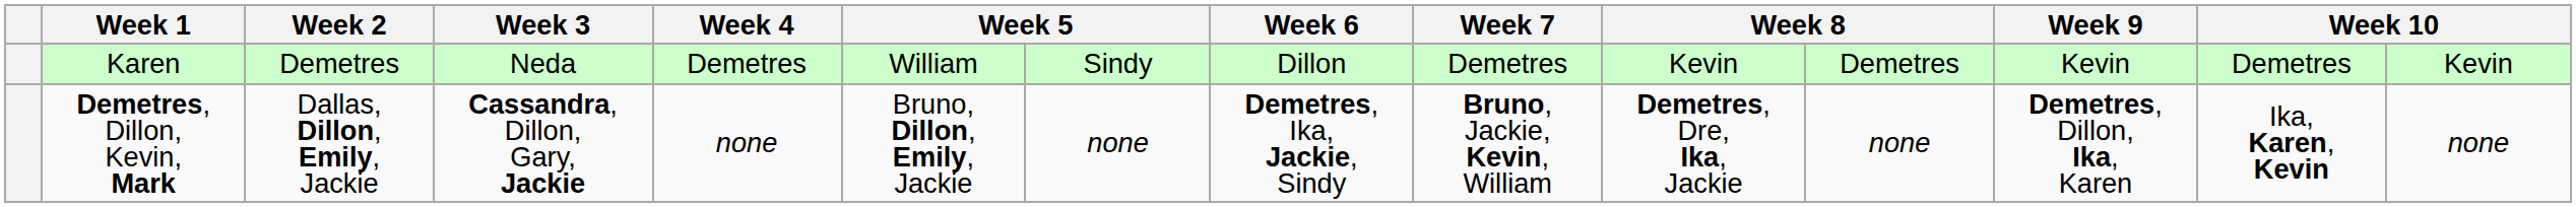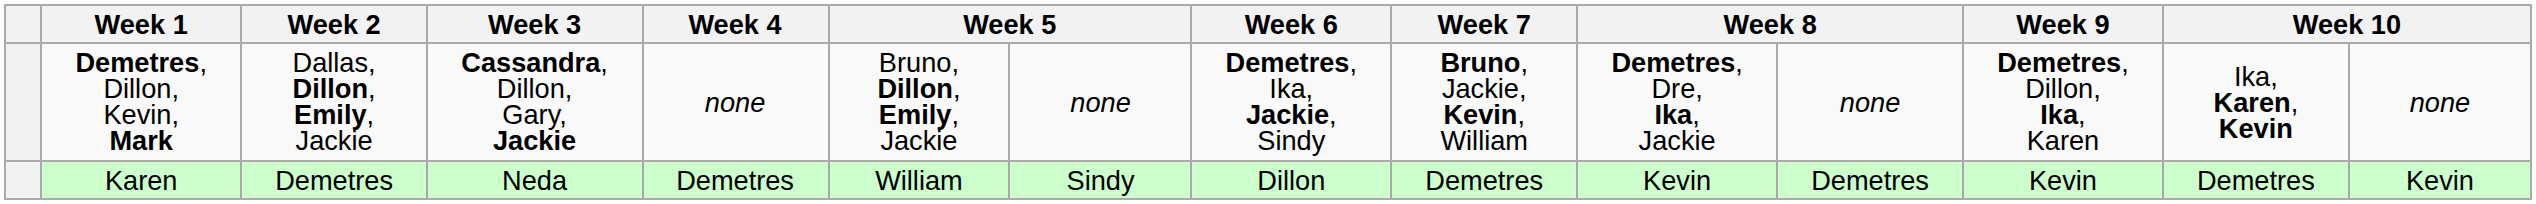 <table class="wikitable" style="width:100%; text-align:center; font-size:85%; line-height:13px;">
 <tr>
 <th style="width:1%"></th>
 <th width="5%;">Week 1</th>
 <th width="5%;">Week 2</th>
 <th width="5%;">Week 3</th>
 <th width="5%;">Week 4</th>
 <th colspan="2" width="10%;">Week 5 </th>
 <th width="5%;">Week 6</th>
 <th width="5%;">Week 7</th>
 <th colspan="2" width="10%;">Week 8 </th>
 <th width="5%;">Week 9</th>
 <th colspan="2" width="10%;">Week 10</th>
+</tr>
+<tr>
+<th></th>
+<td><strong>Demetres</strong>,<br>Dillon,<br>Kevin,<br><strong>Mark</strong></td>
+<td>Dallas,<br><strong>Dillon</strong>,<br><strong>Emily</strong>,<br>Jackie</td>
+<td><strong>Cassandra</strong>,<br>Dillon,<br>Gary,<br><strong>Jackie</strong></td>
+<td><em>none</em></td>
+<td>Bruno,<br><strong>Dillon</strong>,<br><strong>Emily</strong>,<br>Jackie</td>
+<td><em>none</em></td>
+<td><strong>Demetres</strong>,<br>Ika,<br><strong>Jackie</strong>,<br>Sindy</td>
+<td><strong>Bruno</strong>,<br>Jackie,<br><strong>Kevin</strong>,<br>William</td>
+<td><strong>Demetres</strong>,<br>Dre,<br><strong>Ika</strong>,<br>Jackie</td>
+<td><em>none</em></td>
+<td><strong>Demetres</strong>,<br>Dillon,<br><strong>Ika</strong>,<br>Karen</td>
+<td>Ika,<br><strong>Karen</strong>,<br><strong>Kevin</strong></td>
+<td><em>none</em></td>
 </tr>
 <tr>
 <th></th>
 <td style="background:#cfc">Karen</td>
 <td style="background:#cfc">Demetres</td>
 <td style="background:#cfc">Neda</td>
 <td style="background:#cfc">Demetres</td>
 <td width="5%;" style="background:#cfc">William</td>
 <td width="5%;" style="background:#cfc">Sindy</td>
 <td style="background:#cfc">Dillon</td>
 <td style="background:#cfc">Demetres</td>
 <td width="5%;" style="background:#cfc">Kevin</td>
 <td width="5%;" style="background:#cfc">Demetres</td>
 <td style="background:#cfc">Kevin</td>
 <td width="5%;" style="background:#cfc">Demetres</td>
 <td width="5%;" style="background:#cfc">Kevin</td>
 </tr>
-<tr>
-<th></th>
-<td><strong>Demetres</strong>,<br>Dillon,<br>Kevin,<br><strong>Mark</strong></td>
-<td>Dallas,<br><strong>Dillon</strong>,<br><strong>Emily</strong>,<br>Jackie</td>
-<td><strong>Cassandra</strong>,<br>Dillon,<br>Gary,<br><strong>Jackie</strong></td>
-<td><em>none</em></td>
-<td>Bruno,<br><strong>Dillon</strong>,<br><strong>Emily</strong>,<br>Jackie</td>
-<td><em>none</em></td>
-<td><strong>Demetres</strong>,<br>Ika,<br><strong>Jackie</strong>,<br>Sindy</td>
-<td><strong>Bruno</strong>,<br>Jackie,<br><strong>Kevin</strong>,<br>William</td>
-<td><strong>Demetres</strong>,<br>Dre,<br><strong>Ika</strong>,<br>Jackie</td>
-<td><em>none</em></td>
-<td><strong>Demetres</strong>,<br>Dillon,<br><strong>Ika</strong>,<br>Karen</td>
-<td>Ika,<br><strong>Karen</strong>,<br><strong>Kevin</strong></td>
-<td><em>none</em></td>
-</tr>
 </table>
